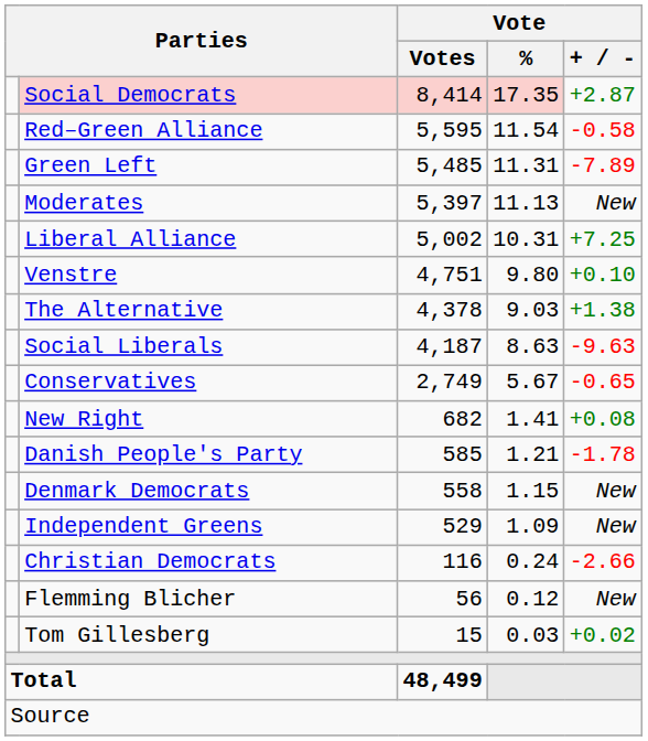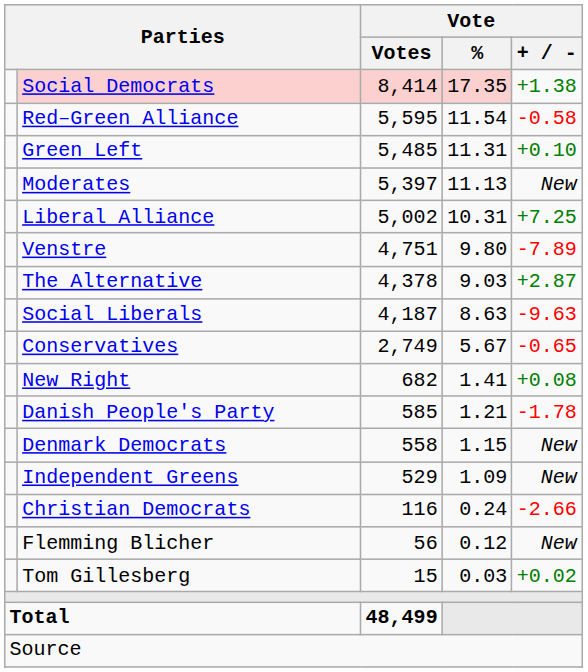 <table class="wikitable" style="text-align:right;">
 <tr>
 <th style="text-align:centre;" rowspan="2" colspan="2" width="225">Parties</th>
 <th colspan="3">Vote</th>
 </tr>
 <tr>
 <th width="15">Votes</th>
 <th width="15">%</th>
 <th width="15">+ / -</th>
 </tr>
 <tr>
 <td width="2" style="color:inherit;background:"></td>
 <td bgcolor=#fbd0ce  align="left"><a href='#'>Social Democrats</a></td>
 <td bgcolor=#fbd0ce>8,414</td>
 <td bgcolor=#fbd0ce>17.35</td>
-<td style=color:green;>+2.87</td>
+<td style=color:green;>+1.38</td>
 </tr>
 <tr>
 <td width="2" style="color:inherit;background:"></td>
 <td align="left"><a href='#'>Red–Green Alliance</a></td>
 <td>5,595</td>
 <td>11.54</td>
 <td style=color:red;>-0.58</td>
 </tr>
 <tr>
 <td width="2" style="color:inherit;background:"></td>
 <td align="left"><a href='#'>Green Left</a></td>
 <td>5,485</td>
 <td>11.31</td>
-<td style=color:red;>-7.89</td>
+<td style=color:green;>+0.10</td>
 </tr>
 <tr>
 <td width="2" style="color:inherit;background:"></td>
 <td align="left"><a href='#'>Moderates</a></td>
 <td>5,397</td>
 <td>11.13</td>
 <td><em>New</em></td>
 </tr>
 <tr>
 <td width="2" style="color:inherit;background:"></td>
 <td align="left"><a href='#'>Liberal Alliance</a></td>
 <td>5,002</td>
 <td>10.31</td>
 <td style=color:green;>+7.25</td>
 </tr>
 <tr>
 <td width="2" style="color:inherit;background:"></td>
 <td align="left"><a href='#'>Venstre</a></td>
 <td>4,751</td>
 <td>9.80</td>
-<td style=color:green;>+0.10</td>
+<td style=color:red;>-7.89</td>
 </tr>
 <tr>
 <td width="2" style="color:inherit;background:"></td>
 <td align="left"><a href='#'>The Alternative</a></td>
 <td>4,378</td>
 <td>9.03</td>
-<td style=color:green;>+1.38</td>
+<td style=color:green;>+2.87</td>
 </tr>
 <tr>
 <td width="2" style="color:inherit;background:"></td>
 <td align="left"><a href='#'>Social Liberals</a></td>
 <td>4,187</td>
 <td>8.63</td>
 <td style=color:red;>-9.63</td>
 </tr>
 <tr>
 <td width="2" style="color:inherit;background:"></td>
 <td align="left"><a href='#'>Conservatives</a></td>
 <td>2,749</td>
 <td>5.67</td>
 <td style=color:red;>-0.65</td>
 </tr>
 <tr>
 <td width="2" style="color:inherit;background:"></td>
 <td align="left"><a href='#'>New Right</a></td>
 <td>682</td>
 <td>1.41</td>
 <td style=color:green;>+0.08</td>
 </tr>
 <tr>
 <td width="2" style="color:inherit;background:"></td>
 <td align="left"><a href='#'>Danish People's Party</a></td>
 <td>585</td>
 <td>1.21</td>
 <td style=color:red;>-1.78</td>
 </tr>
 <tr>
 <td width="2" style="color:inherit;background:"></td>
 <td align="left"><a href='#'>Denmark Democrats</a></td>
 <td>558</td>
 <td>1.15</td>
 <td><em>New</em></td>
 </tr>
 <tr>
 <td width="2" style="color:inherit;background:"></td>
 <td align="left"><a href='#'>Independent Greens</a></td>
 <td>529</td>
 <td>1.09</td>
 <td><em>New</em></td>
 </tr>
 <tr>
 <td width="2" style="color:inherit;background:"></td>
 <td align="left"><a href='#'>Christian Democrats</a></td>
 <td>116</td>
 <td>0.24</td>
 <td style=color:red;>-2.66</td>
 </tr>
 <tr>
 <td width="2" style="color:inherit;background:"></td>
 <td align="left">Flemming Blicher</td>
 <td>56</td>
 <td>0.12</td>
 <td><em>New</em></td>
 </tr>
 <tr>
 <td width="2" style="color:inherit;background:"></td>
 <td align="left">Tom Gillesberg</td>
 <td>15</td>
 <td>0.03</td>
 <td style=color:green;>+0.02</td>
 </tr>
 <tr>
 <td colspan="7" bgcolor="#E9E9E9"></td>
 </tr>
 <tr>
 <td align="left" colspan="2"><strong>Total</strong></td>
 <td><strong>48,499</strong></td>
 <td bgcolor="#E9E9E9" colspan="2"></td>
 </tr>
 <tr>
 <td align="left" colspan="6">Source</td>
 </tr>
 </table>
